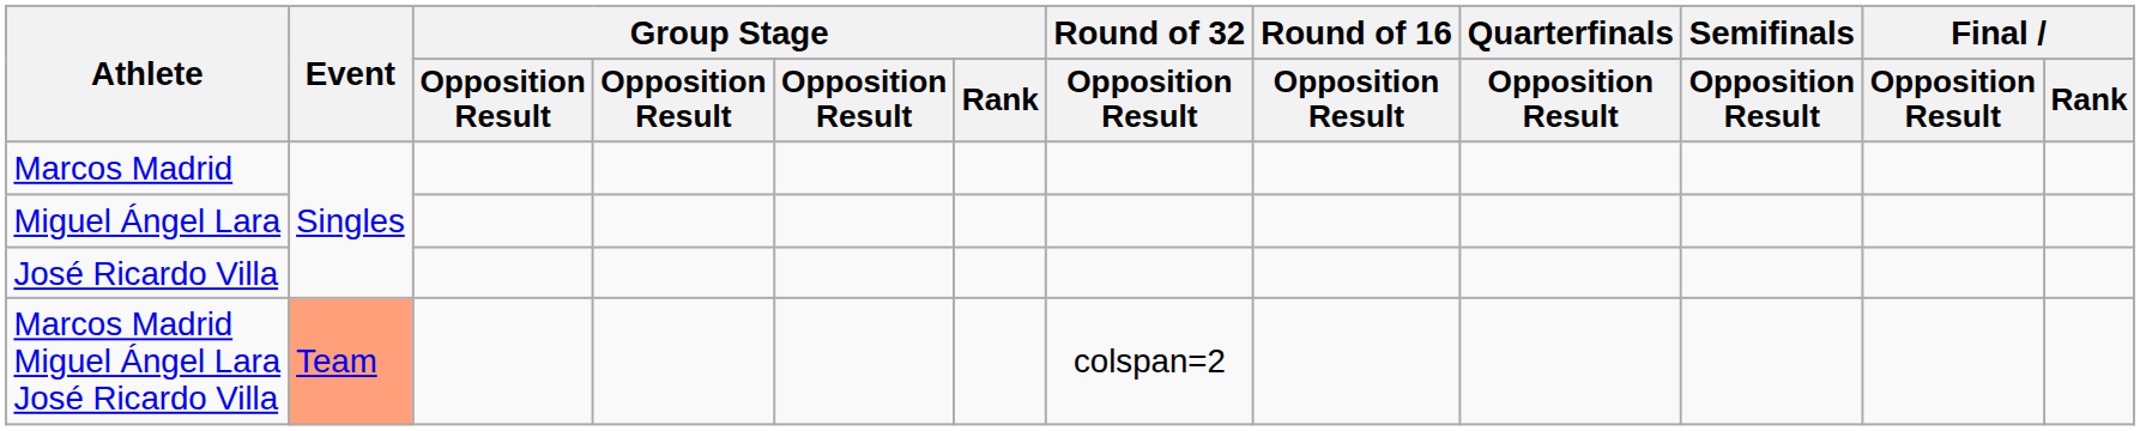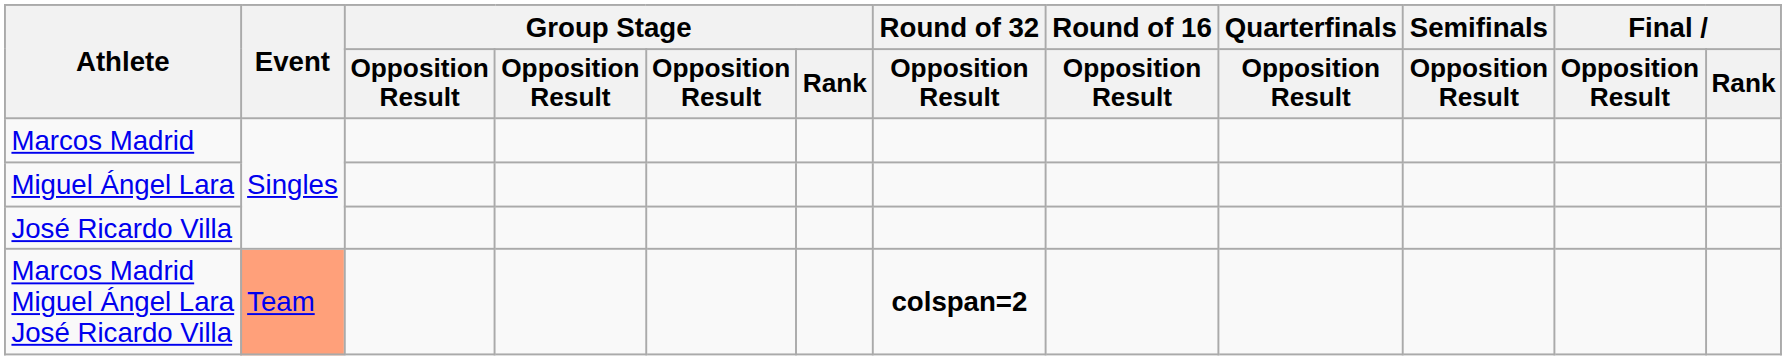 <table class="wikitable" style="font-size:90%">
 <tr>
 <th rowspan=2>Athlete</th>
 <th rowspan=2>Event</th>
 <th colspan=4>Group Stage</th>
 <th>Round of 32</th>
 <th>Round of 16</th>
 <th>Quarterfinals</th>
 <th>Semifinals</th>
 <th colspan=2>Final / </th>
 </tr>
 <tr style="font-size:95%">
 <th>Opposition<br>Result</th>
 <th>Opposition<br>Result</th>
 <th>Opposition<br>Result</th>
 <th>Rank</th>
 <th>Opposition<br>Result</th>
 <th>Opposition<br>Result</th>
 <th>Opposition<br>Result</th>
 <th>Opposition<br>Result</th>
 <th>Opposition<br>Result</th>
 <th>Rank</th>
 </tr>
 <tr align=center>
 <td align=left><a href='#'>Marcos Madrid</a></td>
 <td align=left rowspan=3><a href='#'>Singles</a></td>
 <td></td>
 <td></td>
 <td></td>
 <td></td>
 <td></td>
 <td></td>
 <td></td>
 <td></td>
 <td></td>
 <td></td>
 </tr>
 <tr align=center>
 <td align=left><a href='#'>Miguel Ángel Lara</a></td>
 <td></td>
 <td></td>
 <td></td>
 <td></td>
 <td></td>
 <td></td>
 <td></td>
 <td></td>
 <td></td>
 <td></td>
 </tr>
 <tr align=center>
 <td align=left><a href='#'>José Ricardo Villa</a></td>
 <td></td>
 <td></td>
 <td></td>
 <td></td>
 <td></td>
 <td></td>
 <td></td>
 <td></td>
 <td></td>
 <td></td>
 </tr>
 <tr align=center>
 <td align=left><a href='#'>Marcos Madrid</a><br><a href='#'>Miguel Ángel Lara</a><br><a href='#'>José Ricardo Villa</a></td>
 <td align=left style="background: lightsalmon;"><a href='#'>Team</a></td>
 <td></td>
 <td></td>
 <td></td>
 <td></td>
-<td>colspan=2 </td>
+<td><strong>colspan=2 </strong></td>
 <td></td>
 <td></td>
 <td></td>
 <td></td>
 </tr>
 </table>
